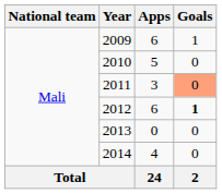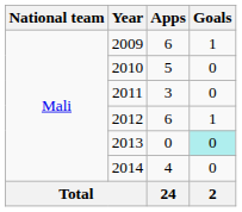 <table class="wikitable" style="text-align:center">
 <tr>
 <th>National team</th>
 <th>Year</th>
 <th>Apps</th>
 <th>Goals</th>
 </tr>
 <tr>
 <td rowspan="6"><a href='#'>Mali</a></td>
 <td>2009</td>
 <td>6</td>
 <td>1</td>
 </tr>
 <tr>
 <td>2010</td>
 <td>5</td>
 <td>0</td>
 </tr>
 <tr>
 <td>2011</td>
 <td>3</td>
-<td style="background: lightsalmon;">0</td>
+<td>0</td>
 </tr>
 <tr>
 <td>2012</td>
 <td>6</td>
-<td><strong>1</strong></td>
+<td>1</td>
 </tr>
 <tr>
 <td>2013</td>
 <td>0</td>
-<td>0</td>
+<td style="background: paleturquoise;">0</td>
 </tr>
 <tr>
 <td>2014</td>
 <td>4</td>
 <td>0</td>
 </tr>
 <tr>
 <th colspan="2">Total</th>
 <th>24</th>
 <th>2</th>
 </tr>
 </table>
